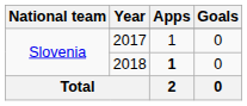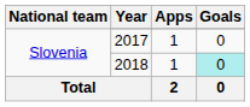 <table class="wikitable" style="text-align:center">
 <tr>
 <th>National team</th>
 <th>Year</th>
 <th>Apps</th>
 <th>Goals</th>
 </tr>
 <tr>
 <td rowspan=3><a href='#'>Slovenia</a></td>
 </tr>
 <tr>
 <td>2017</td>
 <td>1</td>
 <td>0</td>
 </tr>
 <tr>
 <td>2018</td>
-<td><strong>1</strong></td>
-<td>0</td>
+<td>1</td>
+<td style="background: paleturquoise;">0</td>
 </tr>
 <tr>
 <th colspan=2>Total</th>
 <th>2</th>
 <th>0</th>
 </tr>
 </table>
